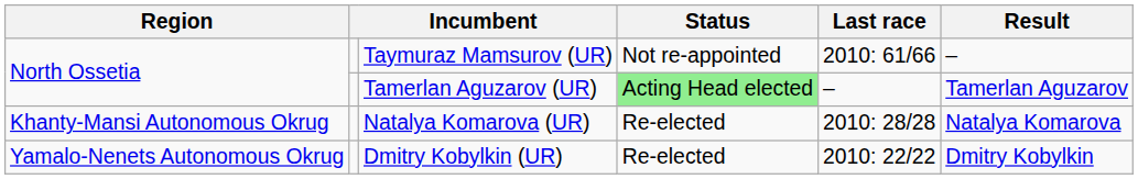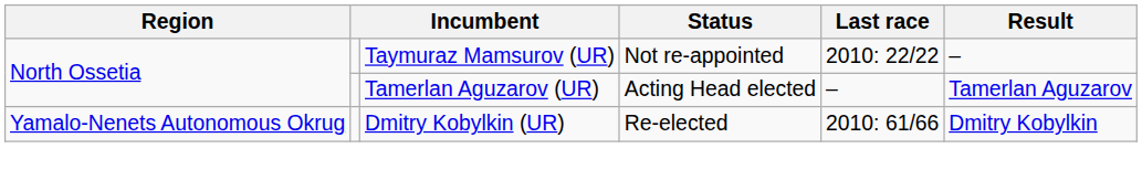 <table class="wikitable">
 <tr>
 <th>Region</th>
 <th colspan=2>Incumbent</th>
 <th>Status</th>
 <th>Last race</th>
 <th>Result</th>
 </tr>
 <tr>
 <td rowspan=2><a href='#'>North Ossetia</a></td>
 <td style="background-color:"></td>
 <td><a href='#'>Taymuraz Mamsurov</a> (<a href='#'>UR</a>)</td>
 <td>Not re-appointed</td>
-<td>2010: 61/66</td>
+<td>2010: 22/22</td>
 <td>–</td>
 </tr>
 <tr>
 <td style="background-color:"></td>
 <td><a href='#'>Tamerlan Aguzarov</a> (<a href='#'>UR</a>)</td>
-<td style="background: lightgreen;">Acting Head elected</td>
+<td>Acting Head elected</td>
 <td>–</td>
 <td><a href='#'>Tamerlan Aguzarov</a></td>
-</tr>
-<tr>
-<td><a href='#'>Khanty-Mansi Autonomous Okrug</a></td>
-<td style="background-color:"></td>
-<td><a href='#'>Natalya Komarova</a> (<a href='#'>UR</a>)</td>
-<td>Re-elected</td>
-<td>2010: 28/28</td>
-<td><a href='#'>Natalya Komarova</a></td>
 </tr>
 <tr>
 <td><a href='#'>Yamalo-Nenets Autonomous Okrug</a></td>
 <td style="background-color:"></td>
 <td><a href='#'>Dmitry Kobylkin</a> (<a href='#'>UR</a>)</td>
 <td>Re-elected</td>
-<td>2010: 22/22</td>
+<td>2010: 61/66</td>
 <td><a href='#'>Dmitry Kobylkin</a></td>
 </tr>
 </table>
